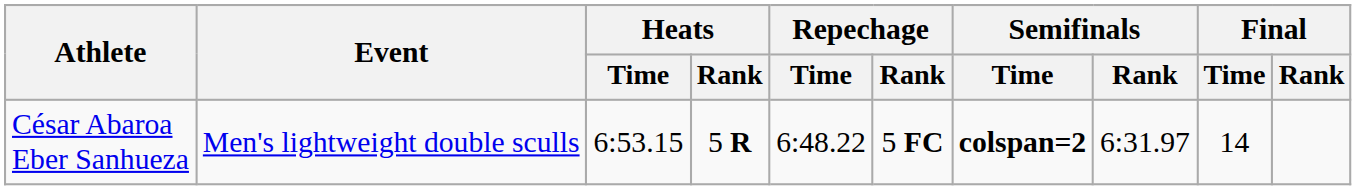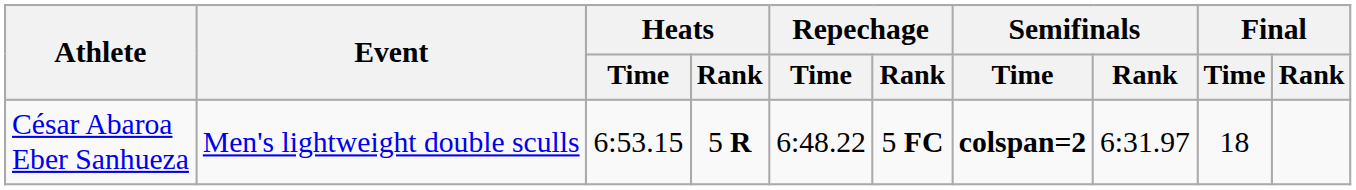 <table class="wikitable" style="font-size:90%">
 <tr>
 <th rowspan="2">Athlete</th>
 <th rowspan="2">Event</th>
 <th colspan="2">Heats</th>
 <th colspan="2">Repechage</th>
 <th colspan="2">Semifinals</th>
 <th colspan="2">Final</th>
 </tr>
 <tr style="font-size:95%">
 <th>Time</th>
 <th>Rank</th>
 <th>Time</th>
 <th>Rank</th>
 <th>Time</th>
 <th>Rank</th>
 <th>Time</th>
 <th>Rank</th>
 </tr>
 <tr align=center>
 <td align=left><a href='#'>César Abaroa</a><br><a href='#'>Eber Sanhueza</a></td>
 <td align=left><a href='#'>Men's lightweight double sculls</a></td>
 <td>6:53.15</td>
 <td>5 <strong>R</strong></td>
 <td>6:48.22</td>
 <td>5 <strong>FC</strong></td>
 <td><strong>colspan=2 </strong></td>
 <td>6:31.97</td>
-<td>14</td>
+<td>18</td>
 </tr>
 </table>
